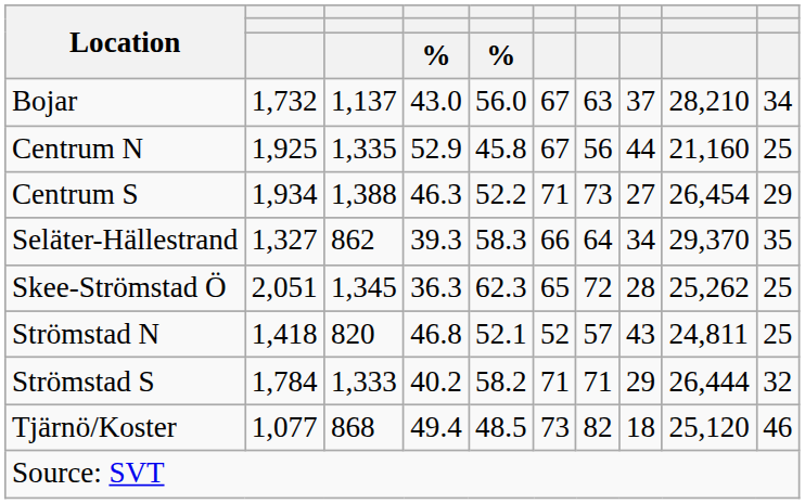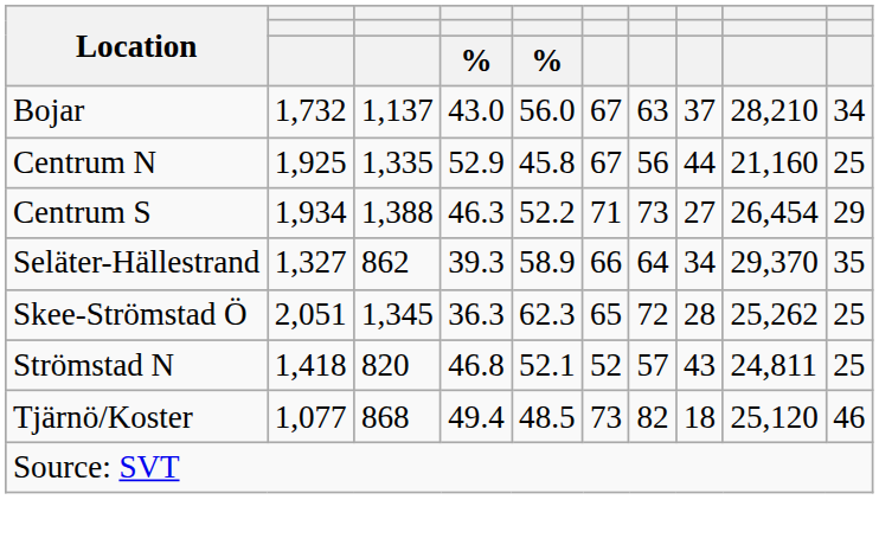 <table role="presentation" class="wikitable sortable mw-collapsible">
 <tr>
 <th rowspan="3">Location</th>
 <th></th>
 <th></th>
 <th></th>
 <th></th>
 <th></th>
 <th></th>
 <th></th>
 <th></th>
 <th></th>
 </tr>
 <tr>
 <th></th>
 <th></th>
 <th style="background:"></th>
 <th style="background:"></th>
 <th></th>
 <th></th>
 <th></th>
 <th></th>
 <th></th>
 </tr>
 <tr>
 <th data-sort-type="number"></th>
 <th data-sort-type="number"></th>
 <th data-sort-type="number">%</th>
 <th data-sort-type="number">%</th>
 <th data-sort-type="number"></th>
 <th data-sort-type="number"></th>
 <th data-sort-type="number"></th>
 <th data-sort-type="number"></th>
 <th data-sort-type="number"></th>
 </tr>
 <tr>
 <td align="left">Bojar</td>
 <td>1,732</td>
 <td>1,137</td>
 <td>43.0</td>
 <td>56.0</td>
 <td>67</td>
 <td>63</td>
 <td>37</td>
 <td>28,210</td>
 <td>34</td>
 </tr>
 <tr>
 <td align="left">Centrum N</td>
 <td>1,925</td>
 <td>1,335</td>
 <td>52.9</td>
 <td>45.8</td>
 <td>67</td>
 <td>56</td>
 <td>44</td>
 <td>21,160</td>
 <td>25</td>
 </tr>
 <tr>
 <td align="left">Centrum S</td>
 <td>1,934</td>
 <td>1,388</td>
 <td>46.3</td>
 <td>52.2</td>
 <td>71</td>
 <td>73</td>
 <td>27</td>
 <td>26,454</td>
 <td>29</td>
 </tr>
 <tr>
 <td align="left">Seläter-Hällestrand</td>
 <td>1,327</td>
 <td>862</td>
 <td>39.3</td>
-<td>58.3</td>
+<td>58.9</td>
 <td>66</td>
 <td>64</td>
 <td>34</td>
 <td>29,370</td>
 <td>35</td>
 </tr>
 <tr>
 <td align="left">Skee-Strömstad Ö</td>
 <td>2,051</td>
 <td>1,345</td>
 <td>36.3</td>
 <td>62.3</td>
 <td>65</td>
 <td>72</td>
 <td>28</td>
 <td>25,262</td>
 <td>25</td>
 </tr>
 <tr>
 <td align="left">Strömstad N</td>
 <td>1,418</td>
 <td>820</td>
 <td>46.8</td>
 <td>52.1</td>
 <td>52</td>
 <td>57</td>
 <td>43</td>
 <td>24,811</td>
 <td>25</td>
 </tr>
 <tr>
-<td align="left">Strömstad S</td>
-<td>1,784</td>
-<td>1,333</td>
-<td>40.2</td>
-<td>58.2</td>
-<td>71</td>
-<td>71</td>
-<td>29</td>
-<td>26,444</td>
-<td>32</td>
-</tr>
-<tr>
 <td align="left">Tjärnö/Koster</td>
 <td>1,077</td>
 <td>868</td>
 <td>49.4</td>
 <td>48.5</td>
 <td>73</td>
 <td>82</td>
 <td>18</td>
 <td>25,120</td>
 <td>46</td>
 </tr>
 <tr>
 <td colspan="10" align="left">Source: <a href='#'>SVT</a></td>
 </tr>
 </table>
